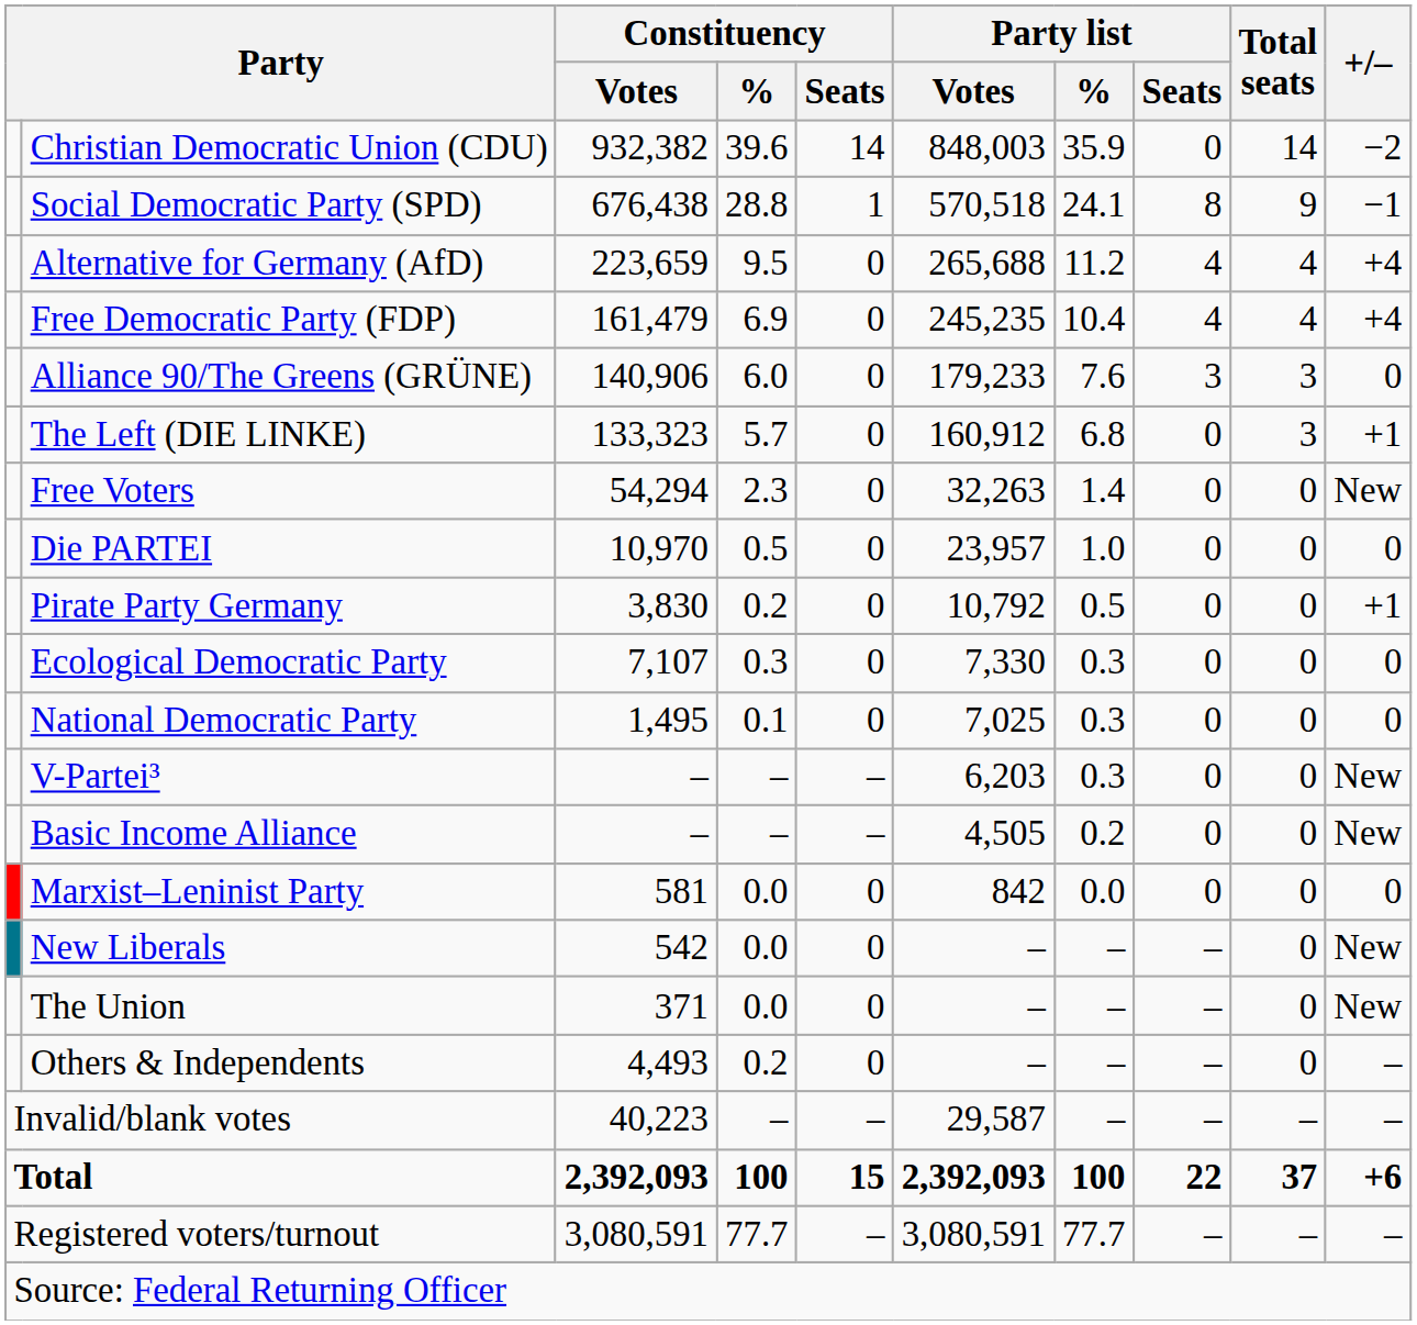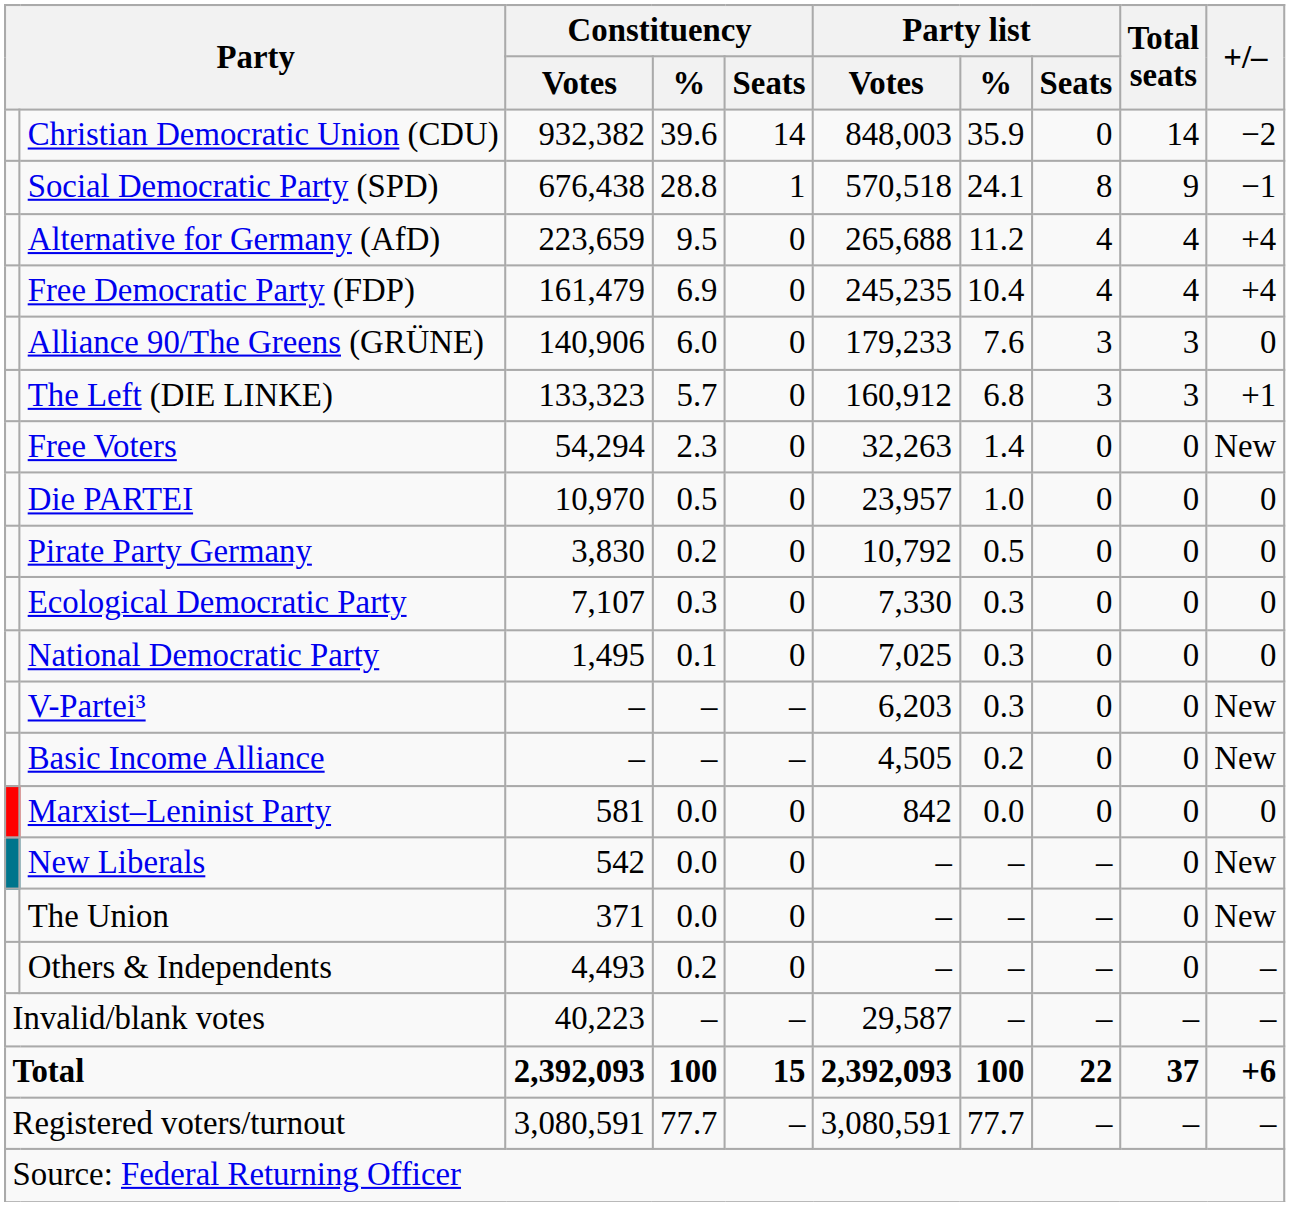 <table class="wikitable" style="text-align:right">
 <tr>
 <th colspan="2" rowspan="2">Party</th>
 <th colspan="3">Constituency</th>
 <th colspan="3">Party list</th>
 <th rowspan="2">Total<br>seats</th>
 <th rowspan="2">+/–</th>
 </tr>
 <tr>
 <th>Votes</th>
 <th>%</th>
 <th>Seats</th>
 <th>Votes</th>
 <th>%</th>
 <th>Seats</th>
 </tr>
 <tr>
 <td></td>
 <td align="left"><a href='#'>Christian Democratic Union</a> (CDU)</td>
 <td>932,382</td>
 <td>39.6</td>
 <td>14</td>
 <td>848,003</td>
 <td>35.9</td>
 <td>0</td>
 <td>14</td>
 <td>−2</td>
 </tr>
 <tr>
 <td></td>
 <td align="left"><a href='#'>Social Democratic Party</a> (SPD)</td>
 <td>676,438</td>
 <td>28.8</td>
 <td>1</td>
 <td>570,518</td>
 <td>24.1</td>
 <td>8</td>
 <td>9</td>
 <td>−1</td>
 </tr>
 <tr>
 <td></td>
 <td align="left"><a href='#'>Alternative for Germany</a> (AfD)</td>
 <td>223,659</td>
 <td>9.5</td>
 <td>0</td>
 <td>265,688</td>
 <td>11.2</td>
 <td>4</td>
 <td>4</td>
 <td>+4</td>
 </tr>
 <tr>
 <td></td>
 <td align="left"><a href='#'>Free Democratic Party</a> (FDP)</td>
 <td>161,479</td>
 <td>6.9</td>
 <td>0</td>
 <td>245,235</td>
 <td>10.4</td>
 <td>4</td>
 <td>4</td>
 <td>+4</td>
 </tr>
 <tr>
 <td></td>
 <td align="left"><a href='#'>Alliance 90/The Greens</a> (GRÜNE)</td>
 <td>140,906</td>
 <td>6.0</td>
 <td>0</td>
 <td>179,233</td>
 <td>7.6</td>
 <td>3</td>
 <td>3</td>
 <td>0</td>
 </tr>
 <tr>
 <td></td>
 <td align="left"><a href='#'>The Left</a> (DIE LINKE)</td>
 <td>133,323</td>
 <td>5.7</td>
 <td>0</td>
 <td>160,912</td>
 <td>6.8</td>
-<td>0</td>
+<td>3</td>
 <td>3</td>
 <td>+1</td>
 </tr>
 <tr>
 <td style="background-color:"></td>
 <td align="left"><a href='#'>Free Voters</a></td>
 <td>54,294</td>
 <td>2.3</td>
 <td>0</td>
 <td>32,263</td>
 <td>1.4</td>
 <td>0</td>
 <td>0</td>
 <td>New</td>
 </tr>
 <tr>
 <td style="background-color:"></td>
 <td align="left"><a href='#'>Die PARTEI</a></td>
 <td>10,970</td>
 <td>0.5</td>
 <td>0</td>
 <td>23,957</td>
 <td>1.0</td>
 <td>0</td>
 <td>0</td>
 <td>0</td>
 </tr>
 <tr>
 <td style="background-color:"></td>
 <td align="left"><a href='#'>Pirate Party Germany</a></td>
 <td>3,830</td>
 <td>0.2</td>
 <td>0</td>
 <td>10,792</td>
 <td>0.5</td>
 <td>0</td>
 <td>0</td>
-<td>+1</td>
+<td>0</td>
 </tr>
 <tr>
 <td style="background-color:"></td>
 <td align="left"><a href='#'>Ecological Democratic Party</a></td>
 <td>7,107</td>
 <td>0.3</td>
 <td>0</td>
 <td>7,330</td>
 <td>0.3</td>
 <td>0</td>
 <td>0</td>
 <td>0</td>
 </tr>
 <tr>
 <td style="background-color:"></td>
 <td align="left"><a href='#'>National Democratic Party</a></td>
 <td>1,495</td>
 <td>0.1</td>
 <td>0</td>
 <td>7,025</td>
 <td>0.3</td>
 <td>0</td>
 <td>0</td>
 <td>0</td>
 </tr>
 <tr>
 <td style="background-color:"></td>
 <td align="left"><a href='#'>V-Partei³</a></td>
 <td>–</td>
 <td>–</td>
 <td>–</td>
 <td>6,203</td>
 <td>0.3</td>
 <td>0</td>
 <td>0</td>
 <td>New</td>
 </tr>
 <tr>
 <td style="background-color:"></td>
 <td align="left"><a href='#'>Basic Income Alliance</a></td>
 <td>–</td>
 <td>–</td>
 <td>–</td>
 <td>4,505</td>
 <td>0.2</td>
 <td>0</td>
 <td>0</td>
 <td>New</td>
 </tr>
 <tr>
 <td style="background-color:red"></td>
 <td align="left"><a href='#'>Marxist–Leninist Party</a></td>
 <td>581</td>
 <td>0.0</td>
 <td>0</td>
 <td>842</td>
 <td>0.0</td>
 <td>0</td>
 <td>0</td>
 <td>0</td>
 </tr>
 <tr>
 <td style="background-color:#00758C"></td>
 <td align="left"><a href='#'>New Liberals</a></td>
 <td>542</td>
 <td>0.0</td>
 <td>0</td>
 <td>–</td>
 <td>–</td>
 <td>–</td>
 <td>0</td>
 <td>New</td>
 </tr>
 <tr>
 <td></td>
 <td align="left">The Union</td>
 <td>371</td>
 <td>0.0</td>
 <td>0</td>
 <td>–</td>
 <td>–</td>
 <td>–</td>
 <td>0</td>
 <td>New</td>
 </tr>
 <tr>
 <td></td>
 <td align="left">Others & Independents</td>
 <td>4,493</td>
 <td>0.2</td>
 <td>0</td>
 <td>–</td>
 <td>–</td>
 <td>–</td>
 <td>0</td>
 <td>–</td>
 </tr>
 <tr>
 <td colspan="2" align="left">Invalid/blank votes</td>
 <td>40,223</td>
 <td>–</td>
 <td>–</td>
 <td>29,587</td>
 <td>–</td>
 <td>–</td>
 <td>–</td>
 <td>–</td>
 </tr>
 <tr>
 <td colspan="2" align="left"><strong>Total</strong></td>
 <td><strong>2,392,093</strong></td>
 <td><strong>100</strong></td>
 <td><strong>15</strong></td>
 <td><strong>2,392,093</strong></td>
 <td><strong>100</strong></td>
 <td><strong>22</strong></td>
 <td><strong>37</strong></td>
 <td><strong>+6</strong></td>
 </tr>
 <tr>
 <td colspan="2" align="left">Registered voters/turnout</td>
 <td>3,080,591</td>
 <td>77.7</td>
 <td>–</td>
 <td>3,080,591</td>
 <td>77.7</td>
 <td>–</td>
 <td>–</td>
 <td>–</td>
 </tr>
 <tr>
 <td colspan="10" align="left">Source: <a href='#'>Federal Returning Officer</a></td>
 </tr>
 </table>
